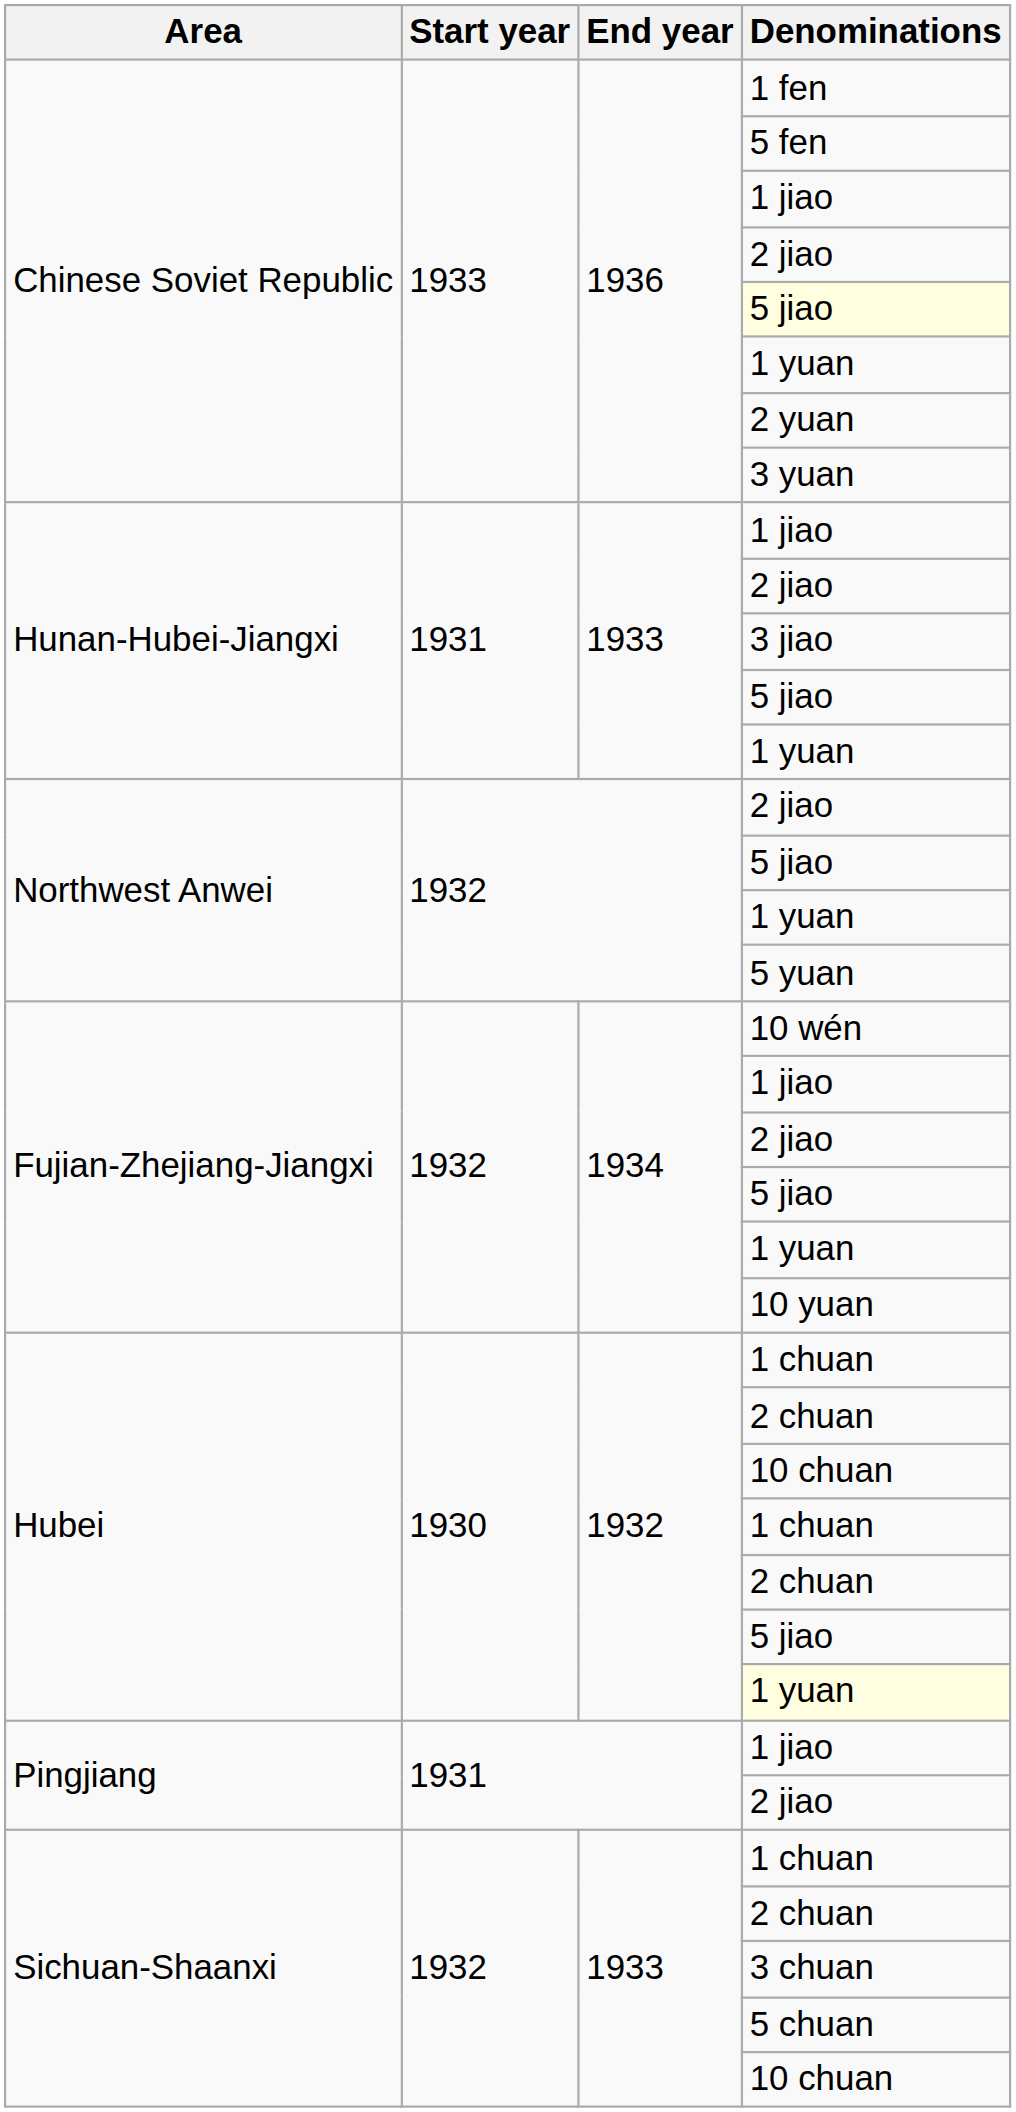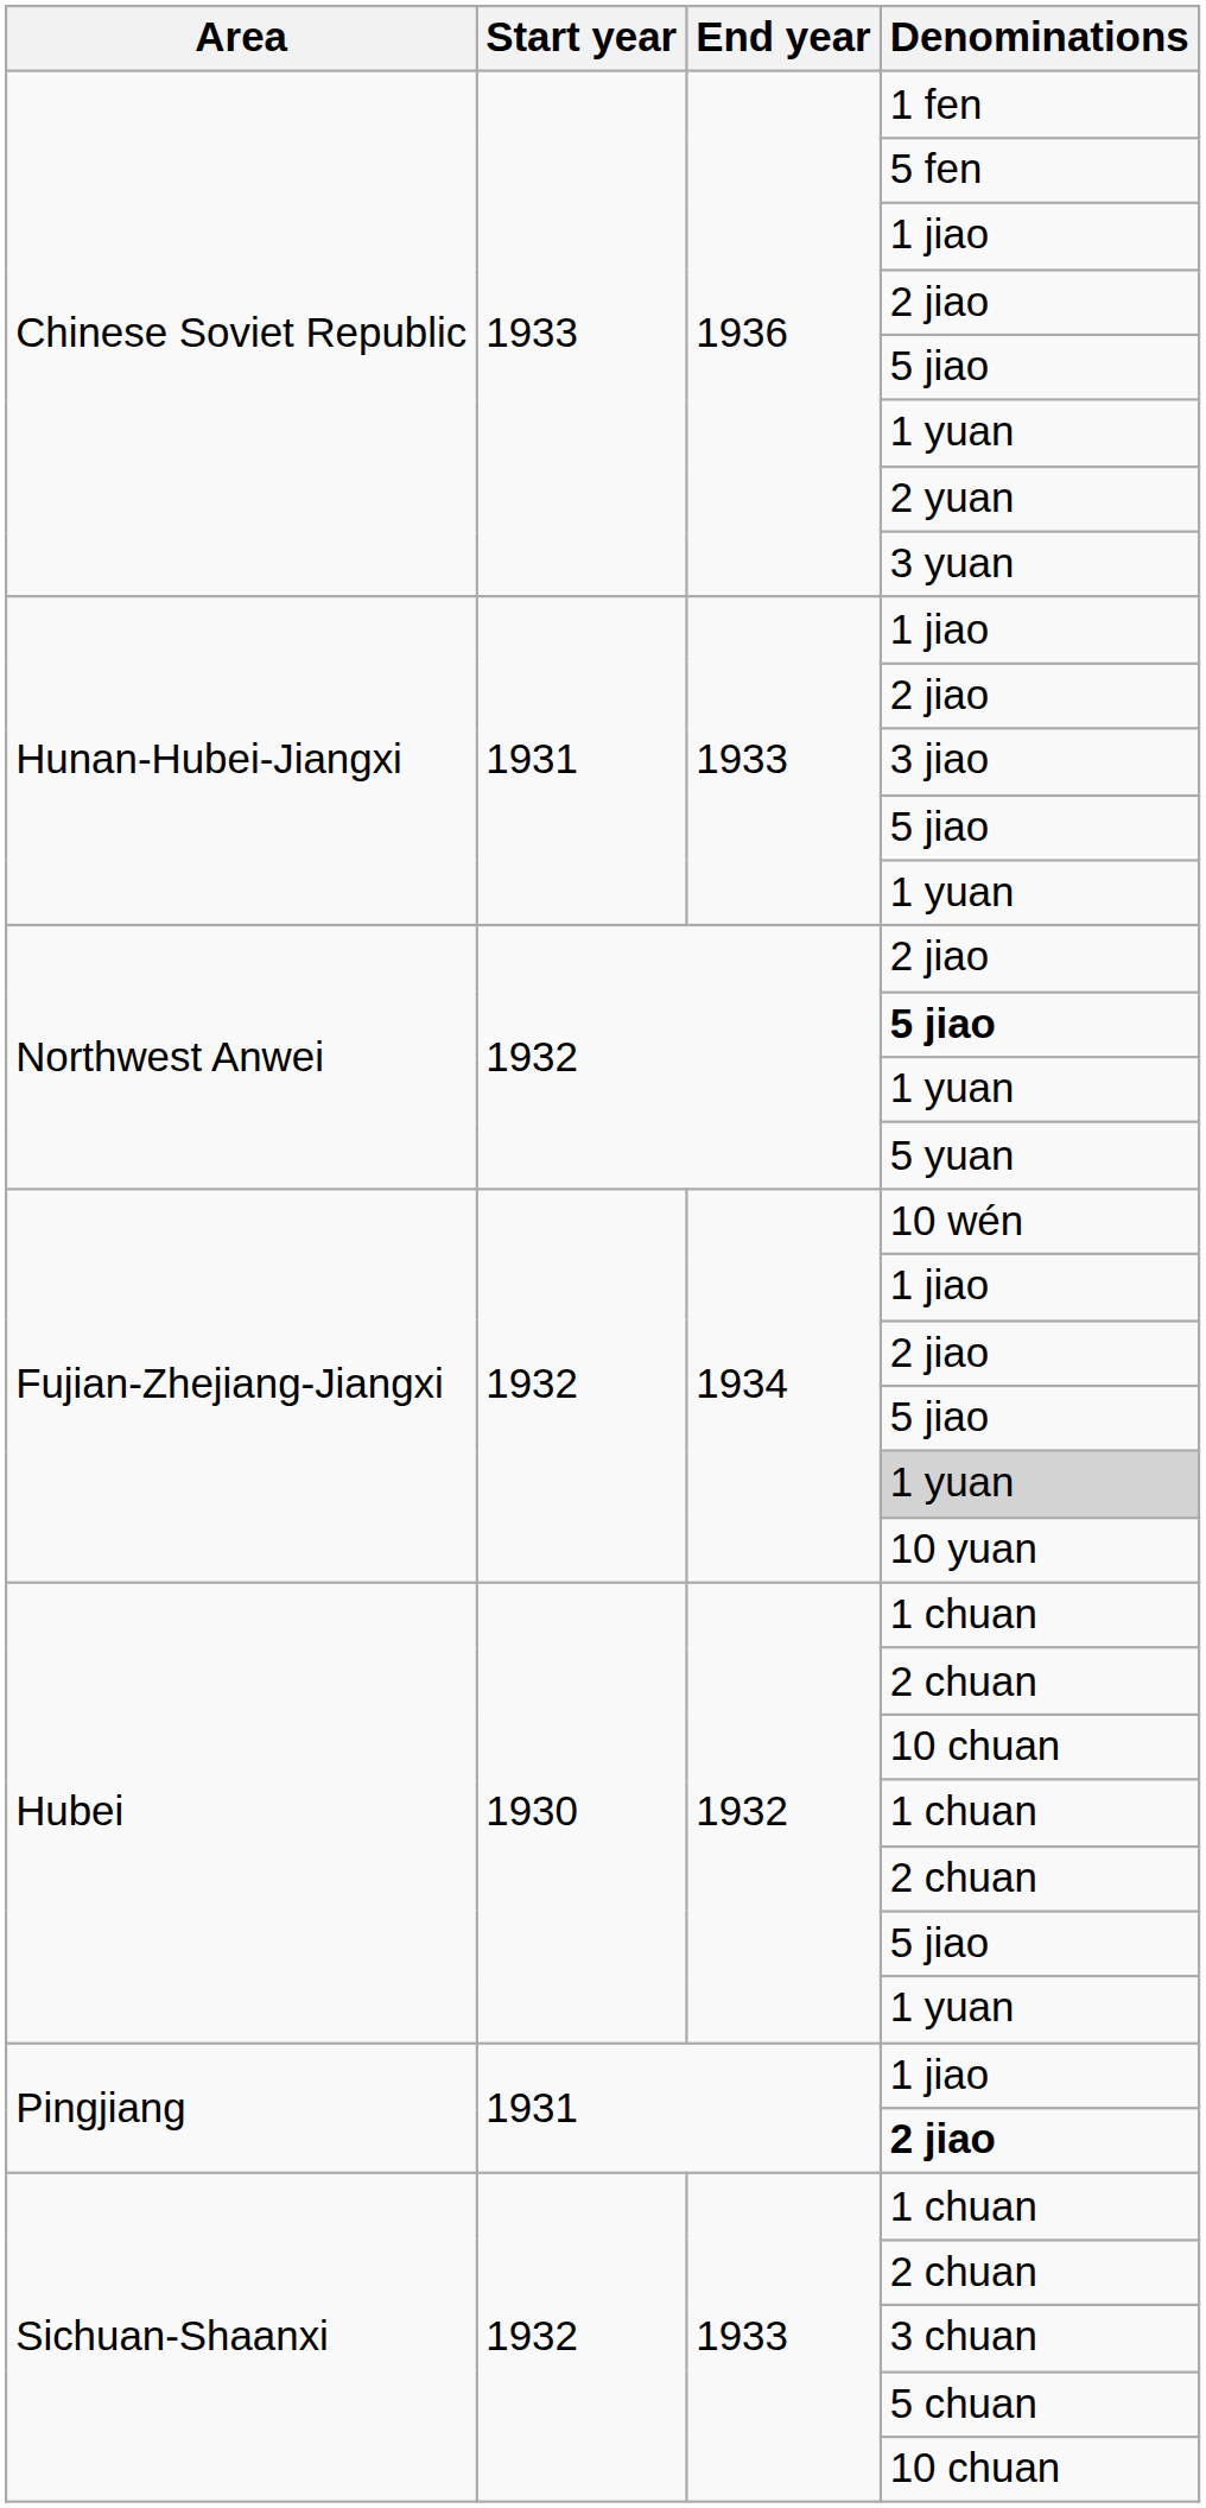 <table class="wikitable">
 <tr>
 <th>Area</th>
 <th>Start year</th>
 <th>End year</th>
 <th>Denominations</th>
 </tr>
 <tr>
 <td rowspan=8>Chinese Soviet Republic</td>
 <td rowspan=8>1933</td>
 <td rowspan=8>1936</td>
 <td>1 fen</td>
 </tr>
 <tr>
 <td>5 fen</td>
 </tr>
 <tr>
 <td>1 jiao</td>
 </tr>
 <tr>
 <td>2 jiao</td>
 </tr>
 <tr>
-<td style="background: lightyellow;">5 jiao</td>
+<td>5 jiao</td>
 </tr>
 <tr>
 <td>1 yuan</td>
 </tr>
 <tr>
 <td>2 yuan</td>
 </tr>
 <tr>
 <td>3 yuan</td>
 </tr>
 <tr>
 <td rowspan=5>Hunan-Hubei-Jiangxi</td>
 <td rowspan=5>1931</td>
 <td rowspan=5>1933</td>
 <td>1 jiao</td>
 </tr>
 <tr>
 <td>2 jiao</td>
 </tr>
 <tr>
 <td>3 jiao</td>
 </tr>
 <tr>
 <td>5 jiao</td>
 </tr>
 <tr>
 <td>1 yuan</td>
 </tr>
 <tr>
 <td rowspan=4>Northwest Anwei</td>
 <td rowspan=4 colspan=2>1932</td>
 <td>2 jiao</td>
 </tr>
 <tr>
-<td>5 jiao</td>
+<td><strong>5 jiao</strong></td>
 </tr>
 <tr>
 <td>1 yuan</td>
 </tr>
 <tr>
 <td>5 yuan</td>
 </tr>
 <tr>
 <td rowspan=6>Fujian-Zhejiang-Jiangxi</td>
 <td rowspan=6>1932</td>
 <td rowspan=6>1934</td>
 <td>10 wén</td>
 </tr>
 <tr>
 <td>1 jiao</td>
 </tr>
 <tr>
 <td>2 jiao</td>
 </tr>
 <tr>
 <td>5 jiao</td>
 </tr>
 <tr>
-<td>1 yuan</td>
+<td style="background: lightgrey;">1 yuan</td>
 </tr>
 <tr>
 <td>10 yuan</td>
 </tr>
 <tr>
 <td rowspan=7>Hubei</td>
 <td rowspan=7>1930</td>
 <td rowspan=7>1932</td>
 <td>1 chuan</td>
 </tr>
 <tr>
 <td>2 chuan</td>
 </tr>
 <tr>
 <td>10 chuan</td>
 </tr>
 <tr>
 <td>1 chuan</td>
 </tr>
 <tr>
 <td>2 chuan</td>
 </tr>
 <tr>
 <td>5 jiao</td>
 </tr>
 <tr>
-<td style="background: lightyellow;">1 yuan</td>
+<td>1 yuan</td>
 </tr>
 <tr>
 <td rowspan=2>Pingjiang</td>
 <td rowspan=2 colspan=2>1931</td>
 <td>1 jiao</td>
 </tr>
 <tr>
-<td>2 jiao</td>
+<td><strong>2 jiao</strong></td>
 </tr>
 <tr>
 <td rowspan=5>Sichuan-Shaanxi</td>
 <td rowspan=5>1932</td>
 <td rowspan=5>1933</td>
 <td>1 chuan</td>
 </tr>
 <tr>
 <td>2 chuan</td>
 </tr>
 <tr>
 <td>3 chuan</td>
 </tr>
 <tr>
 <td>5 chuan</td>
 </tr>
 <tr>
 <td>10 chuan</td>
 </tr>
 </table>
